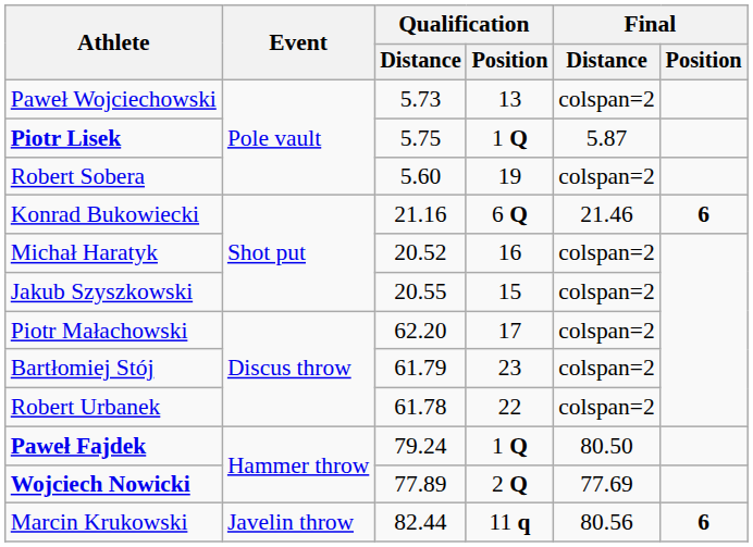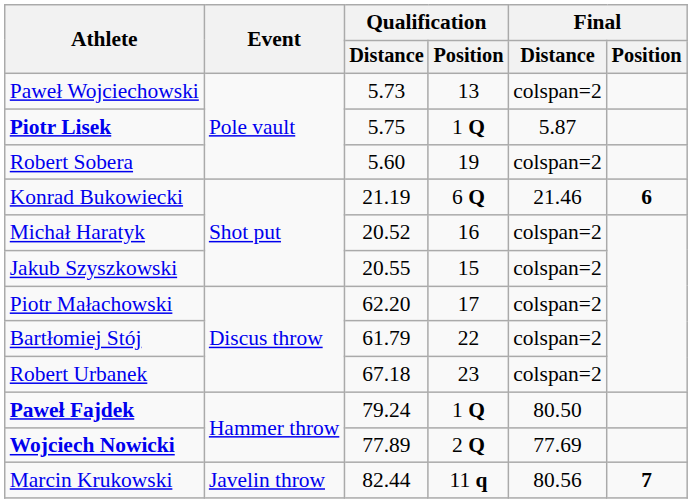 <table class=wikitable style="font-size:90%">
 <tr>
 <th rowspan="2">Athlete</th>
 <th rowspan="2">Event</th>
 <th colspan="2">Qualification</th>
 <th colspan="2">Final</th>
 </tr>
 <tr style="font-size:95%">
 <th>Distance</th>
 <th>Position</th>
 <th>Distance</th>
 <th>Position</th>
 </tr>
 <tr style=text-align:center>
 <td style=text-align:left><a href='#'>Paweł Wojciechowski</a></td>
 <td style=text-align:left rowspan=3><a href='#'>Pole vault</a></td>
 <td>5.73</td>
 <td>13</td>
 <td>colspan=2 </td>
 </tr>
 <tr style=text-align:center>
 <td style=text-align:left><strong><a href='#'>Piotr Lisek</a></strong></td>
 <td>5.75</td>
 <td>1 <strong>Q</strong></td>
 <td>5.87</td>
 <td></td>
 </tr>
 <tr style=text-align:center>
 <td style=text-align:left><a href='#'>Robert Sobera</a></td>
 <td>5.60</td>
 <td>19</td>
 <td>colspan=2 </td>
 </tr>
 <tr style=text-align:center>
 <td style=text-align:left><a href='#'>Konrad Bukowiecki</a></td>
 <td style=text-align:left rowspan=3><a href='#'>Shot put</a></td>
-<td>21.16</td>
+<td>21.19</td>
 <td>6 <strong>Q</strong></td>
 <td>21.46</td>
 <td><strong>6</strong></td>
 </tr>
 <tr style=text-align:center>
 <td style=text-align:left><a href='#'>Michał Haratyk</a></td>
 <td>20.52</td>
 <td>16</td>
 <td>colspan=2 </td>
 </tr>
 <tr style=text-align:center>
 <td style=text-align:left><a href='#'>Jakub Szyszkowski</a></td>
 <td>20.55</td>
 <td>15</td>
 <td>colspan=2 </td>
 </tr>
 <tr style=text-align:center>
 <td style=text-align:left><a href='#'>Piotr Małachowski</a></td>
 <td style=text-align:left rowspan=3><a href='#'>Discus throw</a></td>
 <td>62.20</td>
 <td>17</td>
 <td>colspan=2 </td>
 </tr>
 <tr style=text-align:center>
 <td style=text-align:left><a href='#'>Bartłomiej Stój</a></td>
 <td>61.79</td>
-<td>23</td>
+<td>22</td>
 <td>colspan=2 </td>
 </tr>
 <tr style=text-align:center>
 <td style=text-align:left><a href='#'>Robert Urbanek</a></td>
-<td>61.78</td>
-<td>22</td>
+<td>67.18</td>
+<td>23</td>
 <td>colspan=2 </td>
 </tr>
 <tr style=text-align:center>
 <td style=text-align:left><strong><a href='#'>Paweł Fajdek</a></strong></td>
 <td style=text-align:left rowspan=2><a href='#'>Hammer throw</a></td>
 <td>79.24</td>
 <td>1 <strong>Q</strong></td>
 <td>80.50</td>
 <td></td>
 </tr>
 <tr style=text-align:center>
 <td style=text-align:left><strong><a href='#'>Wojciech Nowicki</a></strong></td>
 <td>77.89</td>
 <td>2 <strong>Q</strong></td>
 <td>77.69</td>
 <td></td>
 </tr>
 <tr style=text-align:center>
 <td style=text-align:left><a href='#'>Marcin Krukowski</a></td>
 <td style=text-align:left><a href='#'>Javelin throw</a></td>
 <td>82.44</td>
 <td>11 <strong>q</strong></td>
 <td>80.56</td>
-<td><strong>6</strong></td>
+<td><strong>7</strong></td>
 </tr>
 </table>
